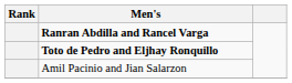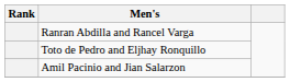 <table class="wikitable" style="text-align: center;">
 <tr>
 <th width=40>Rank</th>
 <th width=290>Men's</th>
 <th width=40></th>
 </tr>
 <tr>
 <th></th>
-<td style="text-align:left;"><strong>Ranran Abdilla and Rancel Varga </strong></td>
+<td style="text-align:left;">Ranran Abdilla and Rancel Varga </td>
 <td rowspan=3></td>
 </tr>
 <tr>
 <th></th>
-<td style="text-align:left;"><strong>Toto de Pedro and Eljhay Ronquillo </strong></td>
+<td style="text-align:left;">Toto de Pedro and Eljhay Ronquillo </td>
 </tr>
 <tr>
 <th></th>
 <td style="text-align:left;">Amil Pacinio and Jian Salarzon </td>
 </tr>
 <tr>
 </tr>
 </table>
